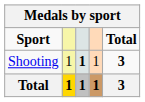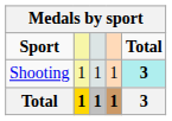 <table class="wikitable" style="font-size:85%; float:right;">
 <tr style="background:#efefef;">
 <th colspan=7><strong>Medals by sport</strong></th>
 </tr>
 <tr align=center>
 <td><strong>Sport</strong></td>
 <td bgcolor=#f7f6a8></td>
 <td bgcolor=#dce5e5></td>
 <td bgcolor=#ffdab9></td>
 <td><strong>Total</strong></td>
 </tr>
 <tr align=center>
 <td><a href='#'>Shooting</a></td>
 <td style="background:#F7F6A8;">1</td>
-<td style="background:#DCE5E5;"><strong>1</strong></td>
+<td style="background:#DCE5E5;">1</td>
 <td style="background:#FFDAB9;">1</td>
-<td><strong>3</strong></td>
+<td style="background: paleturquoise;"><strong>3</strong></td>
 </tr>
 <tr align=center>
 <th><strong>Total</strong></th>
 <th style="background:gold;"><strong>1</strong></th>
 <th style="background:silver;"><strong>1</strong></th>
 <th style="background:#c96;"><strong>1</strong></th>
 <th><strong>3</strong></th>
 </tr>
 </table>
